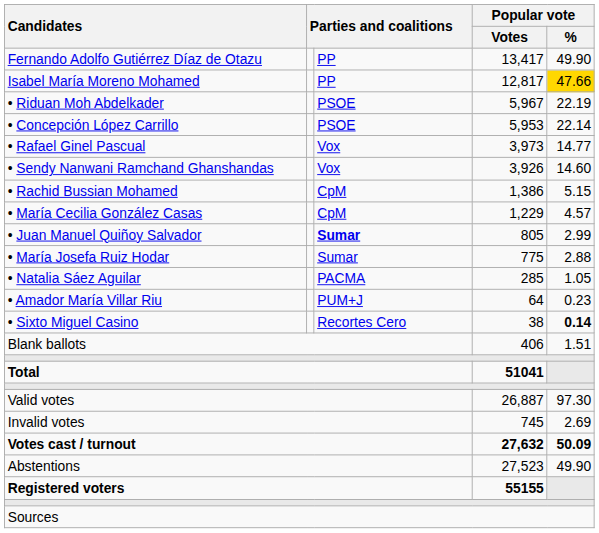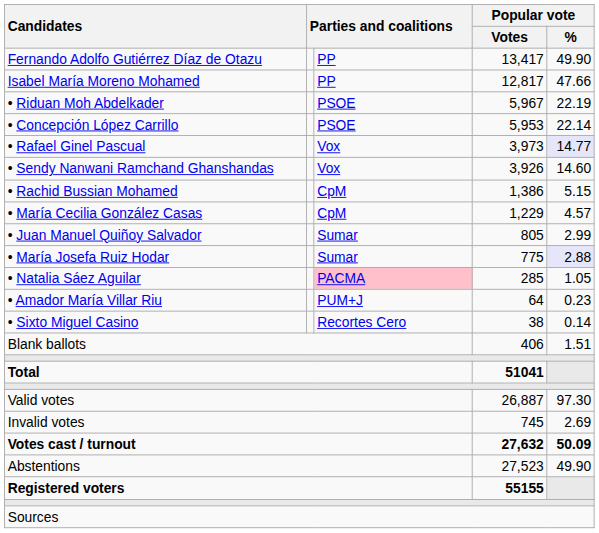 <table class="wikitable" style="text-align:right; font-size:95%;">
 <tr>
 <th style="text-align:left;" rowspan="2" width="325">Candidates</th>
 <th style="text-align:left;" rowspan="2" colspan="2" width="175">Parties and coalitions</th>
 <th colspan="2">Popular vote</th>
 </tr>
 <tr>
 <th width="75">Votes</th>
 <th width="45">%</th>
 </tr>
 <tr>
 <td align="left"> <a href='#'>Fernando Adolfo Gutiérrez Díaz de Otazu</a></td>
 <td width="1" style="color:inherit;background:"></td>
 <td align="left"><a href='#'>PP</a></td>
 <td>13,417</td>
 <td>49.90</td>
 </tr>
 <tr>
 <td align="left"> <a href='#'>Isabel María Moreno Mohamed</a></td>
 <td width="1" style="color:inherit;background:"></td>
 <td align="left"><a href='#'>PP</a></td>
 <td>12,817</td>
-<td style="background: gold;">47.66</td>
+<td>47.66</td>
 </tr>
 <tr>
 <td align="left">• <a href='#'>Riduan Moh Abdelkader</a></td>
 <td width="1" style="color:inherit;background:"></td>
 <td align="left"><a href='#'>PSOE</a></td>
 <td>5,967</td>
 <td>22.19</td>
 </tr>
 <tr>
 <td align="left">• <a href='#'>Concepción López Carrillo</a></td>
 <td width="1" style="color:inherit;background:"></td>
 <td align="left"><a href='#'>PSOE</a></td>
 <td>5,953</td>
 <td>22.14</td>
 </tr>
 <tr>
 <td align="left">• <a href='#'>Rafael Ginel Pascual</a></td>
 <td width="1" style="color:inherit;background:"></td>
 <td align="left"><a href='#'>Vox</a></td>
 <td>3,973</td>
-<td>14.77</td>
+<td style="background: lavender;">14.77</td>
 </tr>
 <tr>
 <td align="left">• <a href='#'>Sendy Nanwani Ramchand Ghanshandas</a></td>
 <td width="1" style="color:inherit;background:"></td>
 <td align="left"><a href='#'>Vox</a></td>
 <td>3,926</td>
 <td>14.60</td>
 </tr>
 <tr>
 <td align="left">• <a href='#'>Rachid Bussian Mohamed</a></td>
 <td width="1" style="color:inherit;background:"></td>
 <td align="left"><a href='#'>CpM</a></td>
 <td>1,386</td>
 <td>5.15</td>
 </tr>
 <tr>
 <td align="left">• <a href='#'>María Cecilia González Casas</a></td>
 <td width="1" style="color:inherit;background:"></td>
 <td align="left"><a href='#'>CpM</a></td>
 <td>1,229</td>
 <td>4.57</td>
 </tr>
 <tr>
 <td align="left">• <a href='#'>Juan Manuel Quiñoy Salvador</a></td>
 <td width="1" style="color:inherit;background:"></td>
-<td align="left"><strong><a href='#'>Sumar</a></strong></td>
+<td align="left"><a href='#'>Sumar</a></td>
 <td>805</td>
 <td>2.99</td>
 </tr>
 <tr>
 <td align="left">• <a href='#'>María Josefa Ruiz Hodar</a></td>
 <td width="1" style="color:inherit;background:"></td>
 <td align="left"><a href='#'>Sumar</a></td>
 <td>775</td>
-<td>2.88</td>
+<td style="background: lavender;">2.88</td>
 </tr>
 <tr>
 <td align="left">• <a href='#'>Natalia Sáez Aguilar</a></td>
 <td width="1" style="color:inherit;background:"></td>
-<td align="left"><a href='#'>PACMA</a></td>
+<td align="left" style="background: pink;"><a href='#'>PACMA</a></td>
 <td>285</td>
 <td>1.05</td>
 </tr>
 <tr>
 <td align="left">• <a href='#'>Amador María Villar Riu</a></td>
 <td width="1" style="color:inherit;background:"></td>
 <td align="left"><a href='#'>PUM+J</a></td>
 <td>64</td>
 <td>0.23</td>
 </tr>
 <tr>
 <td align="left">• <a href='#'>Sixto Miguel Casino</a></td>
 <td width="1" style="color:inherit;background:"></td>
 <td align="left"><a href='#'>Recortes Cero</a></td>
 <td>38</td>
-<td><strong>0.14</strong></td>
+<td>0.14</td>
 </tr>
 <tr>
 <td align="left" colspan="3">Blank ballots</td>
 <td>406</td>
 <td>1.51</td>
 </tr>
 <tr>
 <td colspan="5" bgcolor="#E9E9E9"></td>
 </tr>
 <tr style="font-weight:bold;">
 <td align="left" colspan="3">Total</td>
 <td>51041</td>
 <td bgcolor="#E9E9E9"></td>
 </tr>
 <tr>
 <td colspan="5" bgcolor="#E9E9E9"></td>
 </tr>
 <tr>
 <td align="left" colspan="3">Valid votes</td>
 <td>26,887</td>
 <td>97.30</td>
 </tr>
 <tr>
 <td align="left" colspan="3">Invalid votes</td>
 <td>745</td>
 <td>2.69</td>
 </tr>
 <tr style="font-weight:bold;">
 <td align="left" colspan="3">Votes cast / turnout</td>
 <td>27,632</td>
 <td>50.09</td>
 </tr>
 <tr>
 <td align="left" colspan="3">Abstentions</td>
 <td>27,523</td>
 <td>49.90</td>
 </tr>
 <tr style="font-weight:bold;">
 <td align="left" colspan="3">Registered voters</td>
 <td>55155</td>
 <td bgcolor="#E9E9E9"></td>
 </tr>
 <tr>
 <td colspan="5" bgcolor="#E9E9E9"></td>
 </tr>
 <tr>
 <td align="left" colspan="5">Sources</td>
 </tr>
 </table>
